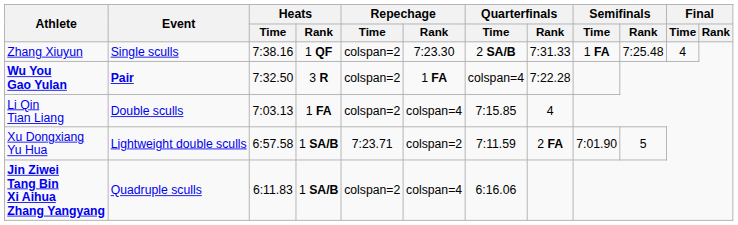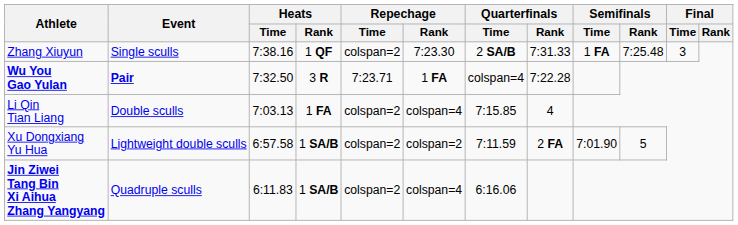 <table class="wikitable" style="font-size:90%">
 <tr>
 <th rowspan="2">Athlete</th>
 <th rowspan="2">Event</th>
 <th colspan="2">Heats</th>
 <th colspan="2">Repechage</th>
 <th colspan="2">Quarterfinals</th>
 <th colspan="2">Semifinals</th>
 <th colspan="2">Final</th>
 </tr>
 <tr style="font-size:95%">
 <th>Time</th>
 <th>Rank</th>
 <th>Time</th>
 <th>Rank</th>
 <th>Time</th>
 <th>Rank</th>
 <th>Time</th>
 <th>Rank</th>
 <th>Time</th>
 <th>Rank</th>
 </tr>
 <tr align=center>
 <td align=left><a href='#'>Zhang Xiuyun</a></td>
 <td align=left><a href='#'>Single sculls</a></td>
 <td>7:38.16</td>
 <td>1 <strong>QF</strong></td>
 <td>colspan=2 </td>
 <td>7:23.30</td>
 <td>2 <strong>SA/B</strong></td>
 <td>7:31.33</td>
 <td>1 <strong>FA</strong></td>
 <td>7:25.48</td>
-<td>4</td>
+<td>3</td>
 </tr>
 <tr align=center>
 <td align=left><strong><a href='#'>Wu You</a><br><a href='#'>Gao Yulan</a></strong></td>
 <td align=left><strong><a href='#'>Pair</a></strong></td>
 <td>7:32.50</td>
 <td>3 <strong>R</strong></td>
-<td>colspan=2 </td>
+<td>7:23.71</td>
 <td>1 <strong>FA</strong></td>
 <td>colspan=4 </td>
 <td>7:22.28</td>
 <td></td>
 </tr>
 <tr align=center>
 <td align=left><a href='#'>Li Qin</a><br><a href='#'>Tian Liang</a></td>
 <td align=left><a href='#'>Double sculls</a></td>
 <td>7:03.13</td>
 <td>1 <strong>FA</strong></td>
 <td>colspan=2 </td>
 <td>colspan=4 </td>
 <td>7:15.85</td>
 <td>4</td>
 </tr>
 <tr align=center>
 <td align=left><a href='#'>Xu Dongxiang</a><br><a href='#'>Yu Hua</a></td>
 <td align=left><a href='#'>Lightweight double sculls</a></td>
 <td>6:57.58</td>
 <td>1 <strong>SA/B</strong></td>
-<td>7:23.71</td>
+<td>colspan=2 </td>
 <td>colspan=2 </td>
 <td>7:11.59</td>
 <td>2 <strong>FA</strong></td>
 <td>7:01.90</td>
 <td>5</td>
 </tr>
 <tr align=center>
 <td align=left><strong><a href='#'>Jin Ziwei</a><br><a href='#'>Tang Bin</a><br><a href='#'>Xi Aihua</a><br><a href='#'>Zhang Yangyang</a></strong></td>
 <td align=left><a href='#'>Quadruple sculls</a></td>
 <td>6:11.83</td>
 <td>1 <strong>SA/B</strong></td>
 <td>colspan=2 </td>
 <td>colspan=4 </td>
 <td>6:16.06</td>
 <td></td>
 </tr>
 </table>
